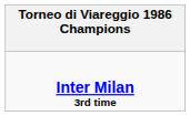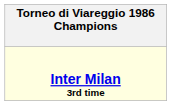 <table class="wikitable" style="margin: 0 auto; width: 30%;">
 <tr>
 <th><big>Torneo di Viareggio 1986 Champions</big><br><br></th>
 </tr>
 <tr>
-<td align=center><br><br><big><big><strong><a href='#'>Inter Milan</a></strong><br></big></big><strong>3rd time</strong></td>
+<td align=center style="background: lightyellow;"><br><br><big><big><strong><a href='#'>Inter Milan</a></strong><br></big></big><strong>3rd time</strong></td>
 </tr>
 </table>
